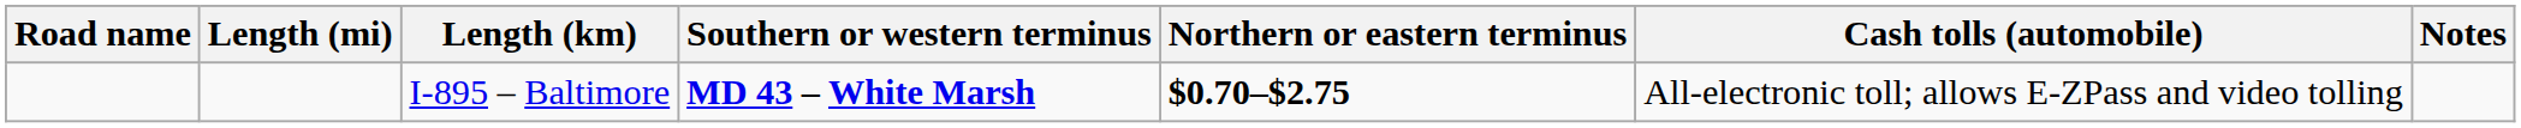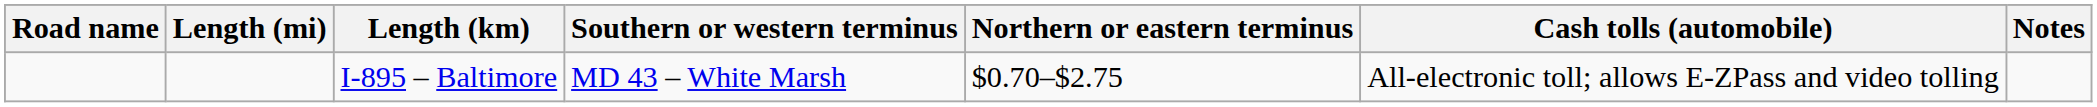 <table class=wikitable>
 <tr>
 <th scope=col>Road name</th>
 <th scope=col>Length (mi)</th>
 <th scope=col>Length (km)</th>
 <th scope=col>Southern or western terminus</th>
 <th scope=col>Northern or eastern terminus</th>
 <th scope=col>Cash tolls (automobile)</th>
 <th scope=col>Notes</th>
 </tr>
 <tr>
 <td></td>
 <td></td>
 <td><a href='#'>I-895</a> – <a href='#'>Baltimore</a></td>
-<td><strong><a href='#'>MD 43</a> – <a href='#'>White Marsh</a></strong></td>
-<td><strong>$0.70–$2.75</strong></td>
+<td><a href='#'>MD 43</a> – <a href='#'>White Marsh</a></td>
+<td>$0.70–$2.75</td>
 <td>All-electronic toll; allows E-ZPass and video tolling</td>
 </tr>
 </table>
